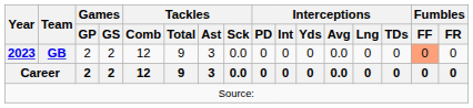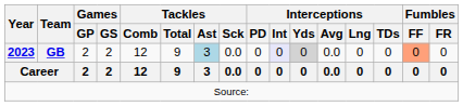 <table class="wikitable" style="text-align: center;">
 <tr>
 <th rowspan="2">Year</th>
 <th rowspan="2">Team</th>
 <th colspan="2">Games</th>
 <th colspan="4">Tackles</th>
 <th colspan="6">Interceptions</th>
 <th colspan="2">Fumbles</th>
 </tr>
 <tr>
 <th>GP</th>
 <th>GS</th>
 <th>Comb</th>
 <th>Total</th>
 <th>Ast</th>
 <th>Sck</th>
 <th>PD</th>
 <th>Int</th>
 <th>Yds</th>
 <th>Avg</th>
 <th>Lng</th>
 <th>TDs</th>
 <th>FF</th>
 <th>FR</th>
 </tr>
 <tr>
 <th><a href='#'>2023</a></th>
 <th><a href='#'>GB</a></th>
 <td>2</td>
 <td>2</td>
 <td>12</td>
 <td>9</td>
-<td>3</td>
+<td style="background: lightblue;">3</td>
 <td>0.0</td>
 <td>0</td>
-<td>0</td>
-<td>0</td>
+<td style="background: lavender;">0</td>
+<td style="background: lightgrey;">0</td>
 <td>0.0</td>
 <td>0</td>
 <td>0</td>
 <td style="background: lightsalmon;">0</td>
 <td>0</td>
 </tr>
 <tr>
 <th colspan="2">Career</th>
 <th>2</th>
 <th>2</th>
 <th>12</th>
 <th>9</th>
 <th>3</th>
 <th>0.0</th>
 <th>0</th>
 <th>0</th>
 <th>0</th>
 <th>0.0</th>
 <th>0</th>
 <th>0</th>
 <th>0</th>
 <th>0</th>
 </tr>
 <tr>
 <td colspan="18"><small>Source: </small></td>
 </tr>
 </table>
